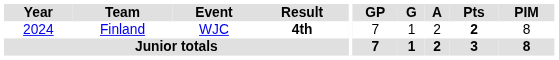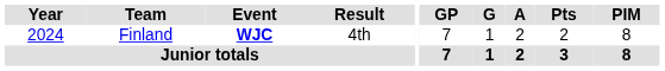 <table border="0" cellpadding="1" cellspacing="0" ID="Table3" style="text-align:center; width:40em">
 <tr bgcolor="#e0e0e0">
 <th>Year</th>
 <th>Team</th>
 <th>Event</th>
 <th>Result</th>
 <th rowspan="99" bgcolor="#ffffff"></th>
 <th>GP</th>
 <th>G</th>
 <th>A</th>
 <th>Pts</th>
 <th>PIM</th>
 </tr>
 <tr>
 <td><a href='#'>2024</a></td>
 <td><a href='#'>Finland</a></td>
-<td><a href='#'>WJC</a></td>
-<td><strong>4th</strong></td>
+<td><strong><a href='#'>WJC</a></strong></td>
+<td>4th</td>
 <td>7</td>
 <td>1</td>
 <td>2</td>
-<td><strong>2</strong></td>
+<td>2</td>
 <td>8</td>
 </tr>
 <tr bgcolor="#e0e0e0">
 <th colspan="4">Junior totals</th>
 <th>7</th>
 <th>1</th>
 <th>2</th>
 <th>3</th>
 <th>8</th>
 </tr>
 </table>
